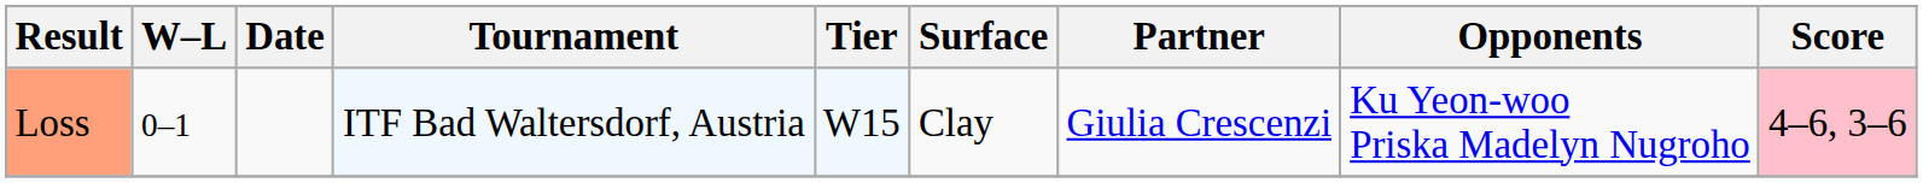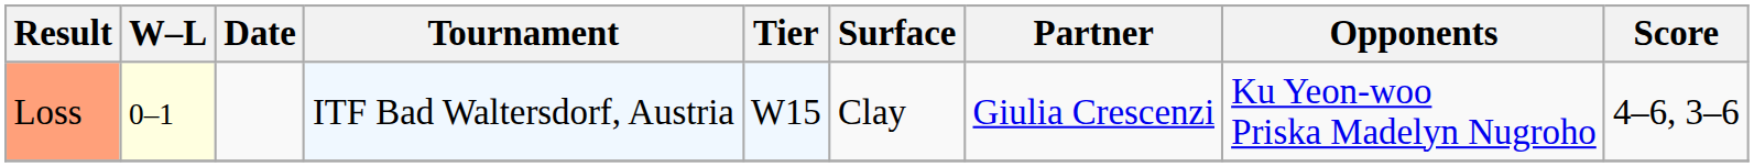 <table class="sortable wikitable">
 <tr>
 <th>Result</th>
 <th class="unsortable">W–L</th>
 <th>Date</th>
 <th>Tournament</th>
 <th>Tier</th>
 <th>Surface</th>
 <th>Partner</th>
 <th>Opponents</th>
 <th class="unsortable">Score</th>
 </tr>
 <tr>
 <td style="background:#FFA07A;">Loss</td>
-<td><small>0–1</small></td>
+<td style="background: lightyellow;"><small>0–1</small></td>
 <td></td>
 <td style="background:#f0f8ff;">ITF Bad Waltersdorf, Austria</td>
 <td style="background:#f0f8ff;">W15</td>
 <td>Clay</td>
 <td> <a href='#'>Giulia Crescenzi</a></td>
 <td> <a href='#'>Ku Yeon-woo</a><br> <a href='#'>Priska Madelyn Nugroho</a></td>
-<td style="background: pink;">4–6, 3–6</td>
+<td>4–6, 3–6</td>
 </tr>
 <tr>
 </tr>
 </table>
